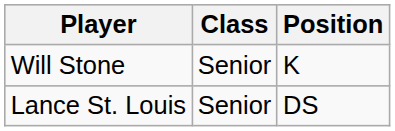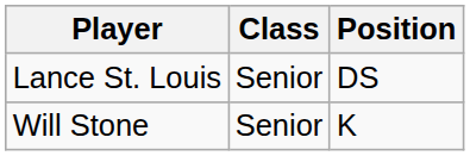 <table class="wikitable">
 <tr>
 <th style="text-align:center; ">Player</th>
 <th style="text-align:center; ">Class</th>
 <th style="text-align:center; ">Position</th>
 </tr>
 <tr>
+<td>Lance St. Louis</td>
+<td>Senior</td>
+<td>DS</td>
+</tr>
+<tr>
 <td>Will Stone</td>
 <td>Senior</td>
 <td>K</td>
 </tr>
-<tr>
-<td>Lance St. Louis</td>
-<td>Senior</td>
-<td>DS</td>
-</tr>
 </table>
